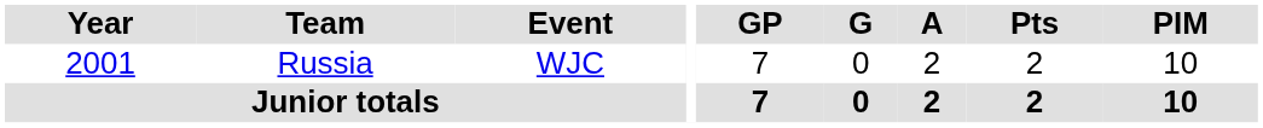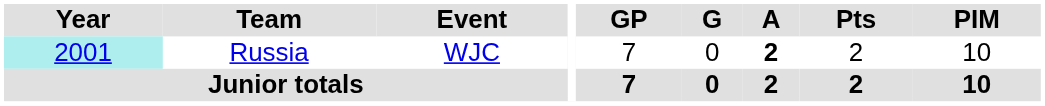 <table border="0" cellpadding="1" cellspacing="0" ID="Table3" style="text-align:center; width:40em">
 <tr ALIGN="center" bgcolor="#e0e0e0">
 <th>Year</th>
 <th>Team</th>
 <th>Event</th>
 <th rowspan="99" bgcolor="#ffffff"></th>
 <th>GP</th>
 <th>G</th>
 <th>A</th>
 <th>Pts</th>
 <th>PIM</th>
 </tr>
 <tr>
-<td><a href='#'>2001</a></td>
+<td style="background: paleturquoise;"><a href='#'>2001</a></td>
 <td><a href='#'>Russia</a></td>
 <td><a href='#'>WJC</a></td>
 <td>7</td>
 <td>0</td>
-<td>2</td>
+<td><strong>2</strong></td>
 <td>2</td>
 <td>10</td>
 </tr>
 <tr bgcolor="#e0e0e0">
 <th colspan="3">Junior totals</th>
 <th>7</th>
 <th>0</th>
 <th>2</th>
 <th>2</th>
 <th>10</th>
 </tr>
 </table>
